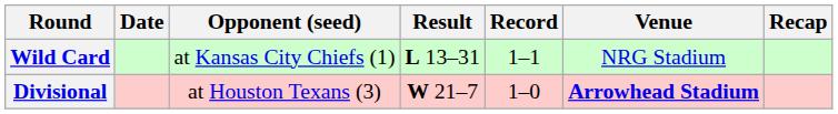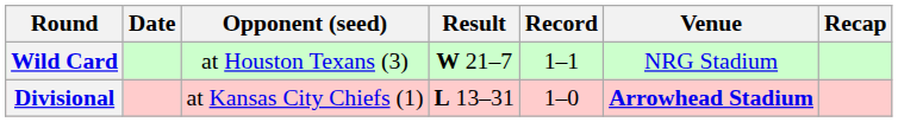 <table class="wikitable" style="text-align:center">
 <tr>
 <th>Round</th>
 <th>Date</th>
 <th>Opponent (seed)</th>
 <th>Result</th>
 <th>Record</th>
 <th>Venue</th>
 <th>Recap</th>
 </tr>
 <tr style="background:#cfc">
 <th><a href='#'>Wild Card</a></th>
 <td></td>
-<td>at <a href='#'>Kansas City Chiefs</a> (1)</td>
-<td><strong>L</strong> 13–31</td>
+<td>at <a href='#'>Houston Texans</a> (3)</td>
+<td><strong>W</strong> 21–7</td>
 <td>1–1</td>
 <td><a href='#'>NRG Stadium</a></td>
 <td></td>
 </tr>
 <tr style="background:#fcc">
 <th><a href='#'>Divisional</a></th>
 <td></td>
-<td>at <a href='#'>Houston Texans</a> (3)</td>
-<td><strong>W</strong> 21–7</td>
+<td>at <a href='#'>Kansas City Chiefs</a> (1)</td>
+<td><strong>L</strong> 13–31</td>
 <td>1–0</td>
 <td><strong><a href='#'>Arrowhead Stadium</a></strong></td>
 <td></td>
 </tr>
 </table>
